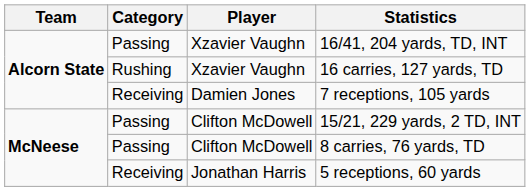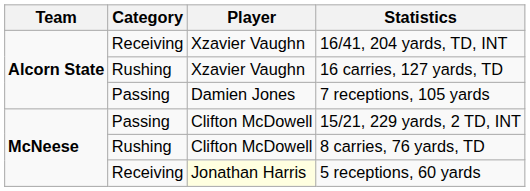 <table class="wikitable" style="float: right;">
 <tr>
 <th>Team</th>
 <th>Category</th>
 <th>Player</th>
 <th>Statistics</th>
 </tr>
 <tr>
 <td rowspan=3><strong>Alcorn State</strong></td>
-<td>Passing</td>
+<td>Receiving</td>
 <td>Xzavier Vaughn</td>
 <td>16/41, 204 yards, TD, INT</td>
 </tr>
 <tr>
 <td>Rushing</td>
 <td>Xzavier Vaughn</td>
 <td>16 carries, 127 yards, TD</td>
 </tr>
 <tr>
-<td>Receiving</td>
+<td>Passing</td>
 <td>Damien Jones</td>
 <td>7 receptions, 105 yards</td>
 </tr>
 <tr>
 <td rowspan=3><strong>McNeese</strong></td>
 <td>Passing</td>
 <td>Clifton McDowell</td>
 <td>15/21, 229 yards, 2 TD, INT</td>
 </tr>
 <tr>
-<td>Passing</td>
+<td>Rushing</td>
 <td>Clifton McDowell</td>
 <td>8 carries, 76 yards, TD</td>
 </tr>
 <tr>
 <td>Receiving</td>
-<td>Jonathan Harris</td>
+<td style="background: lightyellow;">Jonathan Harris</td>
 <td>5 receptions, 60 yards</td>
 </tr>
 </table>
